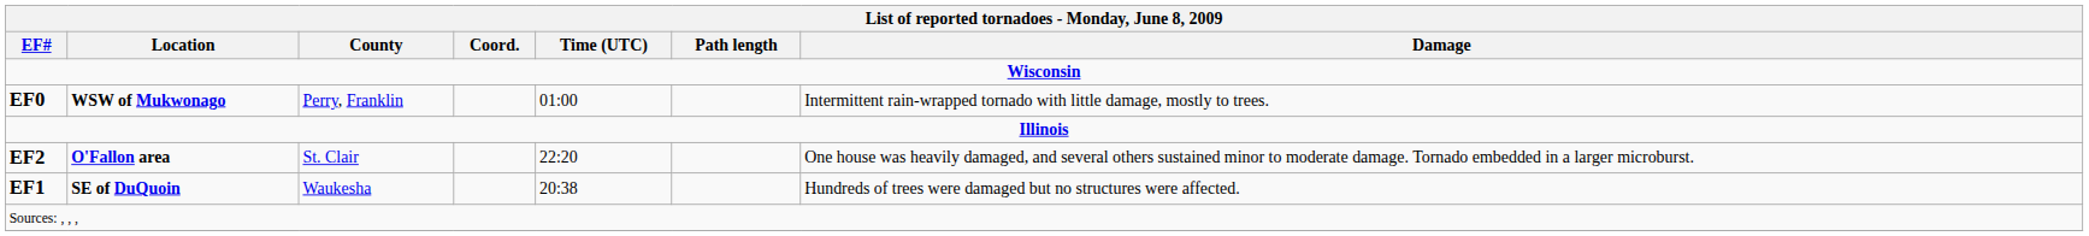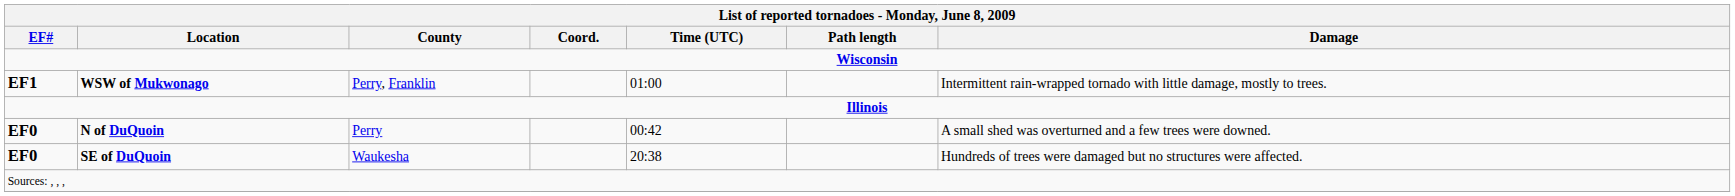 <table class="wikitable collapsible" width="100%">
 <tr>
 <th colspan="7">List of reported tornadoes - Monday, June 8, 2009</th>
 </tr>
 <tr>
 <th><a href='#'>EF#</a></th>
 <th>Location</th>
 <th>County</th>
 <th>Coord.</th>
 <th>Time (UTC)</th>
 <th>Path length</th>
 <th>Damage</th>
 </tr>
 <tr>
 <td colspan="7" align=center><strong><a href='#'>Wisconsin</a></strong></td>
 </tr>
 <tr>
-<td><big><strong>EF0</strong></big></td>
+<td><big><strong>EF1</strong></big></td>
 <td><strong>WSW of <a href='#'>Mukwonago</a></strong></td>
 <td><a href='#'>Perry</a>, <a href='#'>Franklin</a></td>
 <td></td>
 <td>01:00</td>
 <td></td>
 <td>Intermittent rain-wrapped tornado with little damage, mostly to trees.</td>
 </tr>
 <tr>
 <td colspan="7" align=center><strong><a href='#'>Illinois</a></strong></td>
 </tr>
 <tr>
-<td><big><strong>EF2</strong></big></td>
-<td><strong><a href='#'>O'Fallon</a> area</strong></td>
-<td><a href='#'>St. Clair</a></td>
+<td><big><strong>EF0</strong></big></td>
+<td><strong>N of <a href='#'>DuQuoin</a></strong></td>
+<td><a href='#'>Perry</a></td>
 <td></td>
-<td>22:20</td>
+<td>00:42</td>
 <td></td>
-<td>One house was heavily damaged, and several others sustained minor to moderate damage. Tornado embedded in a larger microburst.</td>
+<td>A small shed was overturned and a few trees were downed.</td>
 </tr>
 <tr>
-<td><big><strong>EF1</strong></big></td>
+<td><big><strong>EF0</strong></big></td>
 <td><strong>SE of <a href='#'>DuQuoin</a></strong></td>
 <td><a href='#'>Waukesha</a></td>
 <td></td>
 <td>20:38</td>
 <td></td>
 <td>Hundreds of trees were damaged but no structures were affected.</td>
 </tr>
 <tr>
 <td colspan="7"><small>Sources: , , , </small></td>
 </tr>
 <tr>
 </tr>
 </table>
